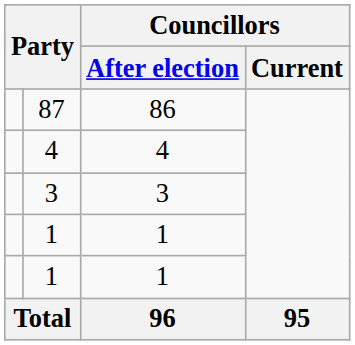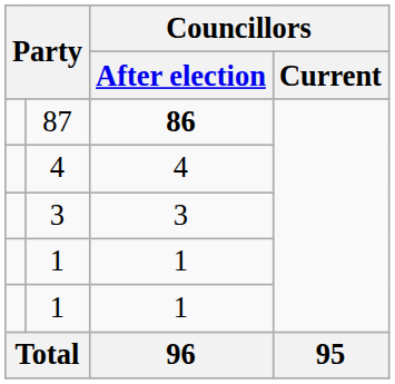 <table class="wikitable">
 <tr>
 <th colspan=2 rowspan=2>Party</th>
 <th colspan=2>Councillors</th>
 </tr>
 <tr>
 <th><a href='#'>After election</a></th>
 <th>Current</th>
 </tr>
 <tr>
 <td></td>
 <td align=center>87</td>
-<td align=center>86</td>
+<td align=center><strong>86</strong></td>
 </tr>
 <tr>
 <td></td>
 <td align=center>4</td>
 <td align=center>4</td>
 </tr>
 <tr>
 <td></td>
 <td align=center>3</td>
 <td align=center>3</td>
 </tr>
 <tr>
 <td></td>
 <td align=center>1</td>
 <td align=center>1</td>
 </tr>
 <tr>
 <td></td>
 <td align=center>1</td>
 <td align=center>1</td>
 </tr>
 <tr>
 <th colspan=2>Total</th>
 <th align=center>96</th>
 <th align=center>95</th>
 </tr>
 </table>
